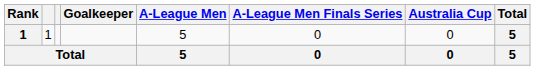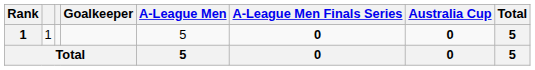 <table class="wikitable" style="text-align:center">
 <tr>
 <th>Rank</th>
 <th></th>
 <th></th>
 <th>Goalkeeper</th>
 <th><a href='#'>A-League Men</a></th>
 <th><a href='#'>A-League Men Finals Series</a></th>
 <th><a href='#'>Australia Cup</a></th>
 <th>Total</th>
 </tr>
 <tr>
 <th>1</th>
 <td>1</td>
 <td></td>
 <td align="left"></td>
 <td>5</td>
-<td>0</td>
-<td>0</td>
+<td><strong>0</strong></td>
+<td><strong>0</strong></td>
 <th>5</th>
 </tr>
 <tr>
 <th colspan="4">Total</th>
 <th>5</th>
 <th>0</th>
 <th>0</th>
 <th>5</th>
 </tr>
 </table>
